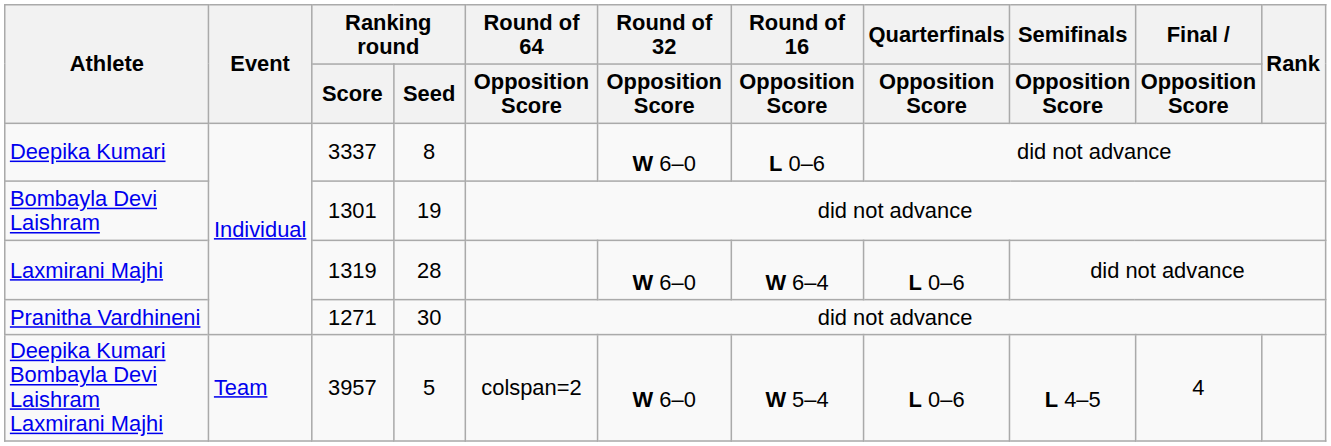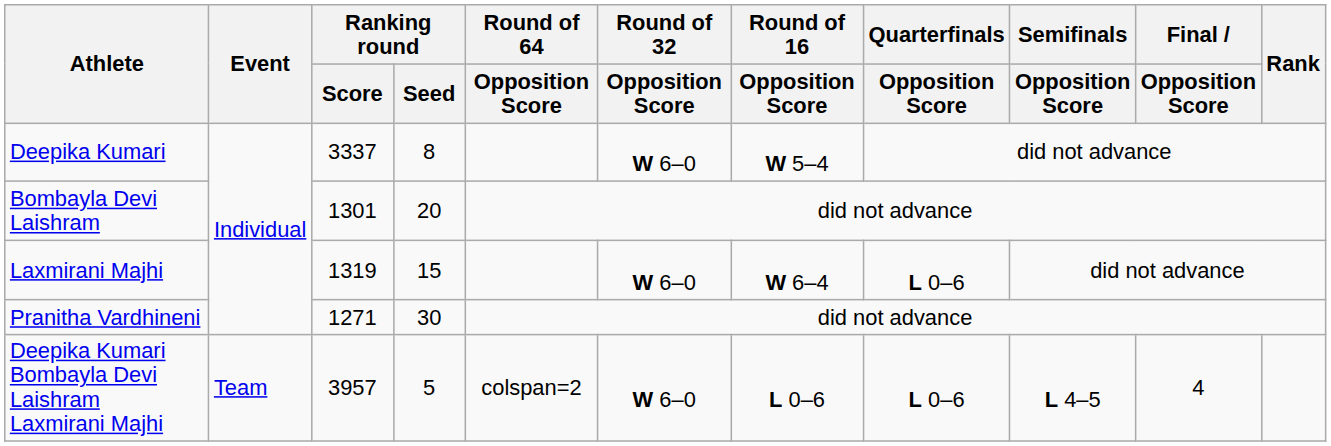 <table class="wikitable" style="text-align:center; font-size:90%">
 <tr>
 <th rowspan=2>Athlete</th>
 <th rowspan=2>Event</th>
 <th colspan=2>Ranking round</th>
 <th>Round of 64</th>
 <th>Round of 32</th>
 <th>Round of 16</th>
 <th>Quarterfinals</th>
 <th>Semifinals</th>
 <th>Final / </th>
 <th rowspan=2>Rank</th>
 </tr>
 <tr>
 <th>Score</th>
 <th>Seed</th>
 <th>Opposition<br>Score</th>
 <th>Opposition<br>Score</th>
 <th>Opposition<br>Score</th>
 <th>Opposition<br>Score</th>
 <th>Opposition<br>Score</th>
 <th>Opposition<br>Score</th>
 </tr>
 <tr>
 <td align=left><a href='#'>Deepika Kumari</a></td>
 <td align=left rowspan=4><a href='#'>Individual</a></td>
 <td>3337</td>
 <td>8</td>
 <td></td>
 <td><br><strong>W</strong> 6–0</td>
-<td><br><strong>L</strong> 0–6</td>
+<td><br><strong>W</strong> 5–4</td>
 <td colspan=4>did not advance</td>
 </tr>
 <tr>
 <td align=left><a href='#'>Bombayla Devi Laishram</a></td>
 <td>1301</td>
-<td>19</td>
+<td>20</td>
 <td colspan=7>did not advance</td>
 </tr>
 <tr>
 <td align=left><a href='#'>Laxmirani Majhi</a></td>
 <td>1319</td>
-<td>28</td>
+<td>15</td>
 <td></td>
 <td><br><strong>W</strong> 6–0</td>
 <td><br><strong>W</strong> 6–4</td>
 <td><br><strong>L</strong> 0–6</td>
 <td colspan=3>did not advance</td>
 </tr>
 <tr>
 <td align=left><a href='#'>Pranitha Vardhineni</a></td>
 <td>1271</td>
 <td>30</td>
 <td colspan=7>did not advance</td>
 </tr>
 <tr>
 <td align=left><a href='#'>Deepika Kumari</a><br><a href='#'>Bombayla Devi Laishram</a><br><a href='#'>Laxmirani Majhi</a></td>
 <td align=left><a href='#'>Team</a></td>
 <td>3957</td>
 <td>5</td>
 <td>colspan=2 </td>
 <td><br><strong>W</strong> 6–0</td>
-<td><br><strong>W</strong> 5–4</td>
+<td><br><strong>L</strong> 0–6</td>
 <td><br><strong>L</strong> 0–6</td>
 <td><br><strong>L</strong> 4–5</td>
 <td>4</td>
 </tr>
 </table>
